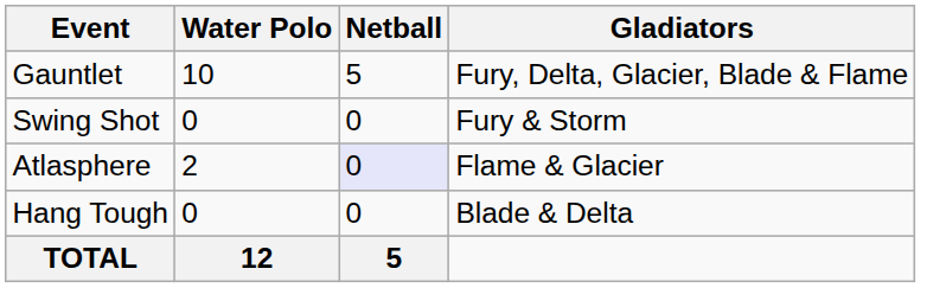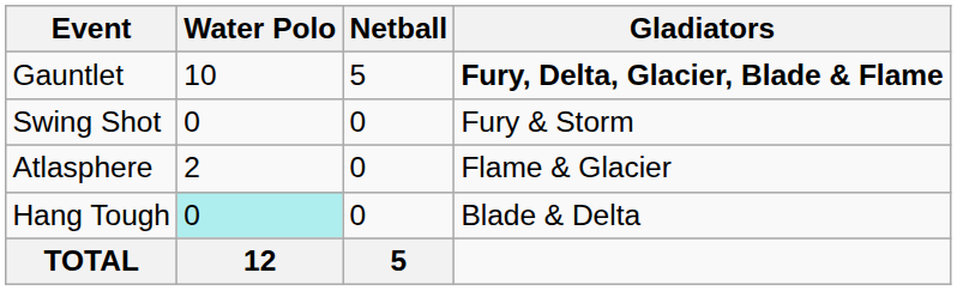 <table class="wikitable">
 <tr>
 <th>Event</th>
 <th>Water Polo</th>
 <th>Netball</th>
 <th>Gladiators</th>
 </tr>
 <tr>
 <td>Gauntlet</td>
 <td>10</td>
 <td>5</td>
-<td>Fury, Delta, Glacier, Blade & Flame</td>
+<td><strong>Fury, Delta, Glacier, Blade & Flame</strong></td>
 </tr>
 <tr>
 <td>Swing Shot</td>
 <td>0</td>
 <td>0</td>
 <td>Fury & Storm</td>
 </tr>
 <tr>
 <td>Atlasphere</td>
 <td>2</td>
-<td style="background: lavender;">0</td>
+<td>0</td>
 <td>Flame & Glacier</td>
 </tr>
 <tr>
 <td>Hang Tough</td>
-<td>0</td>
+<td style="background: paleturquoise;">0</td>
 <td>0</td>
 <td>Blade & Delta</td>
 </tr>
 <tr>
 <th>TOTAL</th>
 <th>12</th>
 <th>5</th>
 </tr>
 </table>
